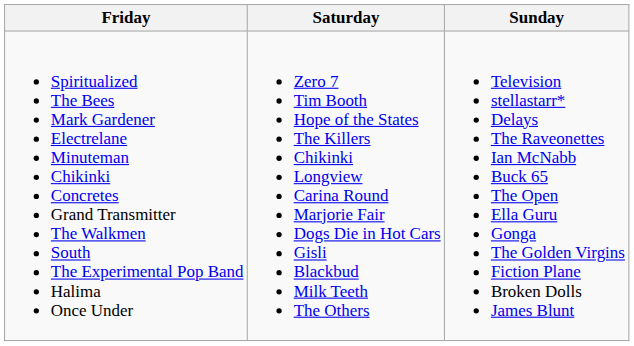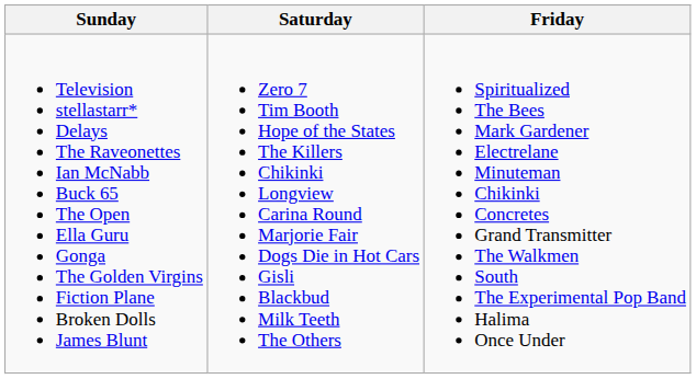 <table class="wikitable">
 <tr>
+<th>Sunday</th>
+<th>Saturday</th>
 <th>Friday</th>
-<th>Saturday</th>
-<th>Sunday</th>
 </tr>
 <tr valign="top">
+<td><br><ul><li><a href='#'>Television</a></li><li><a href='#'>stellastarr*</a></li><li><a href='#'>Delays</a></li><li><a href='#'>The Raveonettes</a></li><li><a href='#'>Ian McNabb</a></li><li><a href='#'>Buck 65</a></li><li><a href='#'>The Open</a></li><li><a href='#'>Ella Guru</a></li><li><a href='#'>Gonga</a></li><li><a href='#'>The Golden Virgins</a></li><li><a href='#'>Fiction Plane</a></li><li>Broken Dolls</li><li><a href='#'>James Blunt</a></li></ul></td>
+<td><br><ul><li><a href='#'>Zero 7</a></li><li><a href='#'>Tim Booth</a></li><li><a href='#'>Hope of the States</a></li><li><a href='#'>The Killers</a></li><li><a href='#'>Chikinki</a></li><li><a href='#'>Longview</a></li><li><a href='#'>Carina Round</a></li><li><a href='#'>Marjorie Fair</a></li><li><a href='#'>Dogs Die in Hot Cars</a></li><li><a href='#'>Gisli</a></li><li><a href='#'>Blackbud</a></li><li><a href='#'>Milk Teeth</a></li><li><a href='#'>The Others</a></li></ul></td>
 <td><br><ul><li><a href='#'>Spiritualized</a></li><li><a href='#'>The Bees</a></li><li><a href='#'>Mark Gardener</a></li><li><a href='#'>Electrelane</a></li><li><a href='#'>Minuteman</a></li><li><a href='#'>Chikinki</a></li><li><a href='#'>Concretes</a></li><li>Grand Transmitter</li><li><a href='#'>The Walkmen</a></li><li><a href='#'>South</a></li><li><a href='#'>The Experimental Pop Band</a></li><li>Halima</li><li>Once Under</li></ul></td>
-<td><br><ul><li><a href='#'>Zero 7</a></li><li><a href='#'>Tim Booth</a></li><li><a href='#'>Hope of the States</a></li><li><a href='#'>The Killers</a></li><li><a href='#'>Chikinki</a></li><li><a href='#'>Longview</a></li><li><a href='#'>Carina Round</a></li><li><a href='#'>Marjorie Fair</a></li><li><a href='#'>Dogs Die in Hot Cars</a></li><li><a href='#'>Gisli</a></li><li><a href='#'>Blackbud</a></li><li><a href='#'>Milk Teeth</a></li><li><a href='#'>The Others</a></li></ul></td>
-<td><br><ul><li><a href='#'>Television</a></li><li><a href='#'>stellastarr*</a></li><li><a href='#'>Delays</a></li><li><a href='#'>The Raveonettes</a></li><li><a href='#'>Ian McNabb</a></li><li><a href='#'>Buck 65</a></li><li><a href='#'>The Open</a></li><li><a href='#'>Ella Guru</a></li><li><a href='#'>Gonga</a></li><li><a href='#'>The Golden Virgins</a></li><li><a href='#'>Fiction Plane</a></li><li>Broken Dolls</li><li><a href='#'>James Blunt</a></li></ul></td>
 </tr>
 </table>
